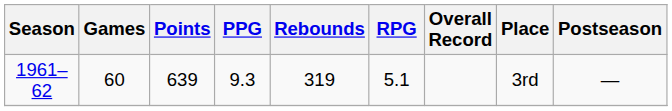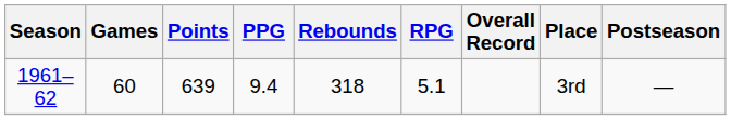 <table class="wikitable sortable" style="text-align:center">
 <tr>
 <th width=40px>Season</th>
 <th width=40px>Games</th>
 <th width=40px><a href='#'>Points</a></th>
 <th width=40px><a href='#'>PPG</a></th>
 <th width=40px><a href='#'>Rebounds</a></th>
 <th width=40px><a href='#'>RPG</a></th>
 <th width=40px>Overall <br>Record</th>
 <th width=40px>Place</th>
 <th width=40px>Postseason</th>
 </tr>
 <tr>
 <td><a href='#'>1961–62</a></td>
 <td>60</td>
 <td>639</td>
-<td>9.3</td>
-<td>319</td>
+<td>9.4</td>
+<td>318</td>
 <td>5.1</td>
 <td></td>
 <td>3rd</td>
 <td>—</td>
 </tr>
 <tr>
 </tr>
 </table>
